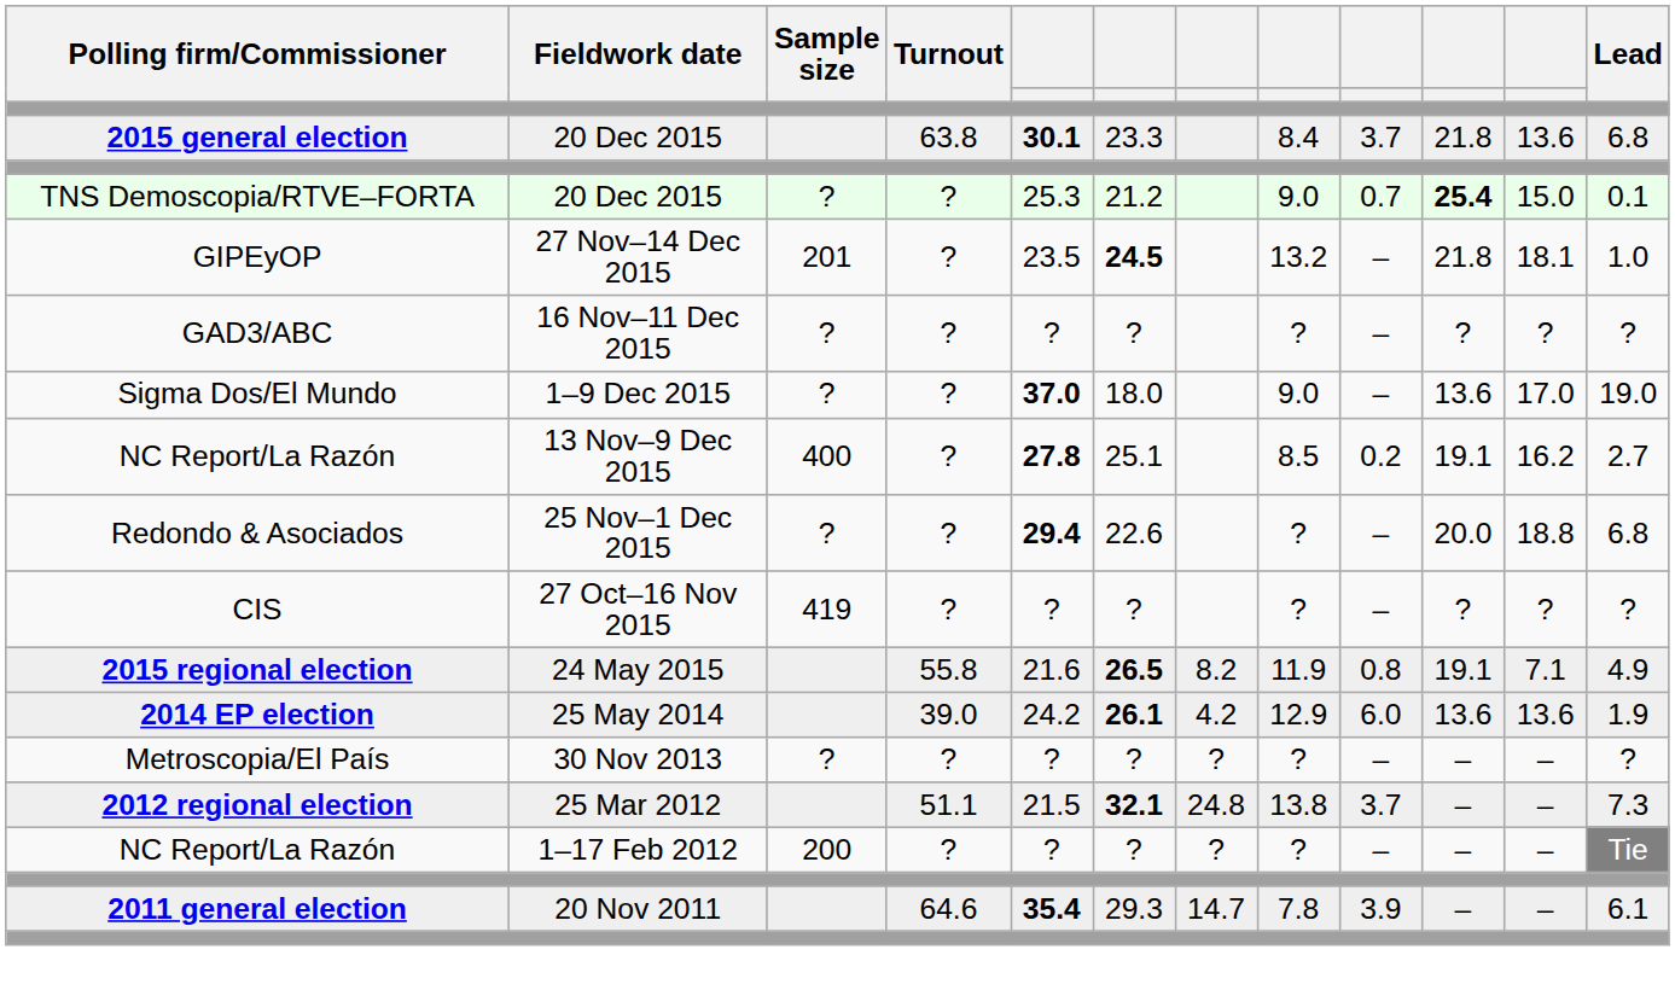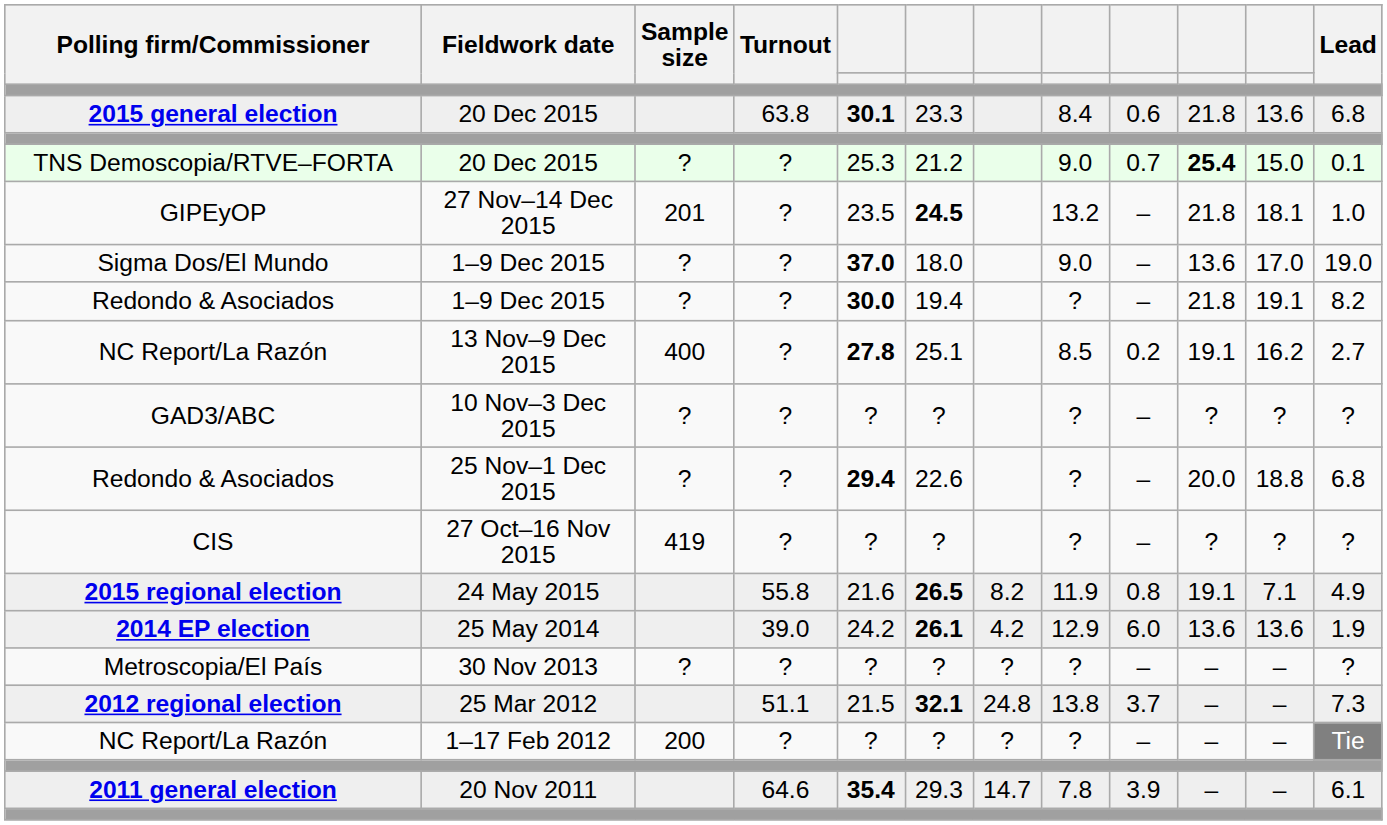 <table class="wikitable collapsible collapsed" style="text-align:center; font-size:95%; line-height:16px;">
 <tr style="height:42px; background-color:#E9E9E9">
 <th style="width:250px;" rowspan="2">Polling firm/Commissioner</th>
 <th style="width:125px;" rowspan="2">Fieldwork date</th>
 <th style="width:50px;" rowspan="2">Sample size</th>
 <th style="width:45px;" rowspan="2">Turnout</th>
 <th style="width:35px;"></th>
 <th style="width:35px;"></th>
 <th style="width:35px;"></th>
 <th style="width:35px;"></th>
 <th style="width:35px;"></th>
 <th style="width:35px;"></th>
 <th style="width:35px;"></th>
 <th style="width:30px;" rowspan="2">Lead</th>
 </tr>
 <tr>
 <th style="color:inherit;background:"></th>
 <th style="color:inherit;background:"></th>
 <th style="color:inherit;background:"></th>
 <th style="color:inherit;background:"></th>
 <th style="color:inherit;background:"></th>
 <th style="color:inherit;background:"></th>
 <th style="color:inherit;background:"></th>
 </tr>
 <tr>
 <td colspan="12" style="background:#A0A0A0"></td>
 </tr>
 <tr style="background:#EFEFEF;">
 <td><strong><a href='#'>2015 general election</a></strong></td>
 <td>20 Dec 2015</td>
 <td></td>
 <td>63.8</td>
 <td><strong>30.1</strong><br></td>
 <td>23.3<br></td>
 <td></td>
 <td>8.4<br></td>
-<td>3.7<br></td>
+<td>0.6<br></td>
 <td>21.8<br></td>
 <td>13.6<br></td>
 <td style="background:">6.8</td>
 </tr>
 <tr>
 <td colspan="12" style="background:#A0A0A0"></td>
 </tr>
 <tr style="background:#EAFFEA;">
 <td>TNS Demoscopia/RTVE–FORTA</td>
 <td>20 Dec 2015</td>
 <td>?</td>
 <td>?</td>
 <td>25.3<br></td>
 <td>21.2<br></td>
 <td></td>
 <td>9.0<br></td>
 <td>0.7<br></td>
 <td><strong>25.4</strong><br></td>
 <td>15.0<br></td>
 <td style="background:">0.1</td>
 </tr>
 <tr>
 <td>GIPEyOP</td>
 <td>27 Nov–14 Dec 2015</td>
 <td>201</td>
 <td>?</td>
 <td>23.5<br></td>
 <td><strong>24.5</strong><br></td>
 <td></td>
 <td>13.2<br></td>
 <td>–</td>
 <td>21.8<br></td>
 <td>18.1<br></td>
 <td style="background:">1.0</td>
 </tr>
 <tr>
-<td>GAD3/ABC</td>
-<td>16 Nov–11 Dec 2015</td>
-<td>?</td>
-<td>?</td>
-<td>?<br></td>
-<td>?<br></td>
-<td></td>
-<td>?<br></td>
-<td>–</td>
-<td>?<br></td>
-<td>?<br></td>
-<td style="background:">?</td>
-</tr>
-<tr>
 <td>Sigma Dos/El Mundo</td>
 <td>1–9 Dec 2015</td>
 <td>?</td>
 <td>?</td>
 <td><strong>37.0</strong><br></td>
 <td>18.0<br></td>
 <td></td>
 <td>9.0<br></td>
 <td>–</td>
 <td>13.6<br></td>
 <td>17.0<br></td>
 <td style="background:">19.0</td>
 </tr>
 <tr>
+<td>Redondo & Asociados</td>
+<td>1–9 Dec 2015</td>
+<td>?</td>
+<td>?</td>
+<td><strong>30.0</strong><br></td>
+<td>19.4<br></td>
+<td></td>
+<td>?<br></td>
+<td>–</td>
+<td>21.8<br></td>
+<td>19.1<br></td>
+<td style="background:">8.2</td>
+</tr>
+<tr>
 <td>NC Report/La Razón</td>
 <td>13 Nov–9 Dec 2015</td>
 <td>400</td>
 <td>?</td>
 <td><strong>27.8</strong><br></td>
 <td>25.1<br></td>
 <td></td>
 <td>8.5<br></td>
 <td>0.2<br></td>
 <td>19.1<br></td>
 <td>16.2<br></td>
 <td style="background:">2.7</td>
+</tr>
+<tr>
+<td>GAD3/ABC</td>
+<td>10 Nov–3 Dec 2015</td>
+<td>?</td>
+<td>?</td>
+<td>?<br></td>
+<td>?<br></td>
+<td></td>
+<td>?<br></td>
+<td>–</td>
+<td>?<br></td>
+<td>?<br></td>
+<td style="background:">?</td>
 </tr>
 <tr>
 <td>Redondo & Asociados</td>
 <td>25 Nov–1 Dec 2015</td>
 <td>?</td>
 <td>?</td>
 <td><strong>29.4</strong><br></td>
 <td>22.6<br></td>
 <td></td>
 <td>?<br></td>
 <td>–</td>
 <td>20.0<br></td>
 <td>18.8<br></td>
 <td style="background:">6.8</td>
 </tr>
 <tr>
 <td>CIS</td>
 <td>27 Oct–16 Nov 2015</td>
 <td>419</td>
 <td>?</td>
 <td>?<br></td>
 <td>?<br></td>
 <td></td>
 <td>?<br></td>
 <td>–</td>
 <td>?<br></td>
 <td>?<br></td>
 <td style="background:">?</td>
 </tr>
 <tr style="background:#EFEFEF;">
 <td><strong><a href='#'>2015 regional election</a></strong></td>
 <td>24 May 2015</td>
 <td></td>
 <td>55.8</td>
 <td>21.6<br></td>
 <td><strong>26.5</strong><br></td>
 <td>8.2<br></td>
 <td>11.9<br></td>
 <td>0.8<br></td>
 <td>19.1<br></td>
 <td>7.1<br></td>
 <td style="background:">4.9</td>
 </tr>
 <tr style="background:#EFEFEF;">
 <td><strong><a href='#'>2014 EP election</a></strong></td>
 <td>25 May 2014</td>
 <td></td>
 <td>39.0</td>
 <td>24.2<br></td>
 <td><strong>26.1</strong><br></td>
 <td>4.2<br></td>
 <td>12.9<br></td>
 <td>6.0<br></td>
 <td>13.6<br></td>
 <td>13.6<br></td>
 <td style="background:">1.9</td>
 </tr>
 <tr>
 <td>Metroscopia/El País</td>
 <td>30 Nov 2013</td>
 <td>?</td>
 <td>?</td>
 <td>?<br></td>
 <td>?<br></td>
 <td>?<br></td>
 <td>?<br></td>
 <td>–</td>
 <td>–</td>
 <td>–</td>
 <td style="background:">?</td>
 </tr>
 <tr style="background:#EFEFEF;">
 <td><strong><a href='#'>2012 regional election</a></strong></td>
 <td>25 Mar 2012</td>
 <td></td>
 <td>51.1</td>
 <td>21.5<br></td>
 <td><strong>32.1</strong><br></td>
 <td>24.8<br></td>
 <td>13.8<br></td>
 <td>3.7<br></td>
 <td>–</td>
 <td>–</td>
 <td style="background:">7.3</td>
 </tr>
 <tr>
 <td>NC Report/La Razón</td>
 <td>1–17 Feb 2012</td>
 <td>200</td>
 <td>?</td>
 <td>?<br></td>
 <td>?<br></td>
 <td>?<br></td>
 <td>?<br></td>
 <td>–</td>
 <td>–</td>
 <td>–</td>
 <td style="background:gray;color:white;">Tie</td>
 </tr>
 <tr>
 <td colspan="12" style="background:#A0A0A0"></td>
 </tr>
 <tr style="background:#EFEFEF;">
 <td><strong><a href='#'>2011 general election</a></strong></td>
 <td>20 Nov 2011</td>
 <td></td>
 <td>64.6</td>
 <td><strong>35.4</strong><br></td>
 <td>29.3<br></td>
 <td>14.7<br></td>
 <td>7.8<br></td>
 <td>3.9<br></td>
 <td>–</td>
 <td>–</td>
 <td style="background:">6.1</td>
 </tr>
 <tr>
 <td colspan="12" style="background:#A0A0A0"></td>
 </tr>
 </table>
